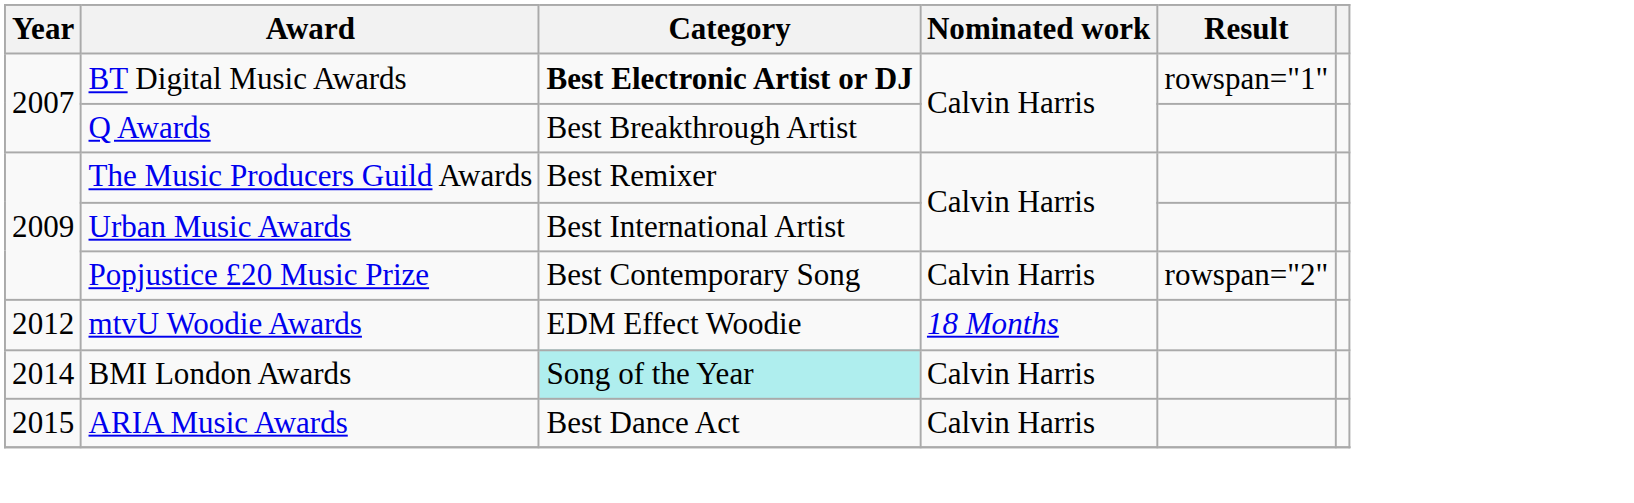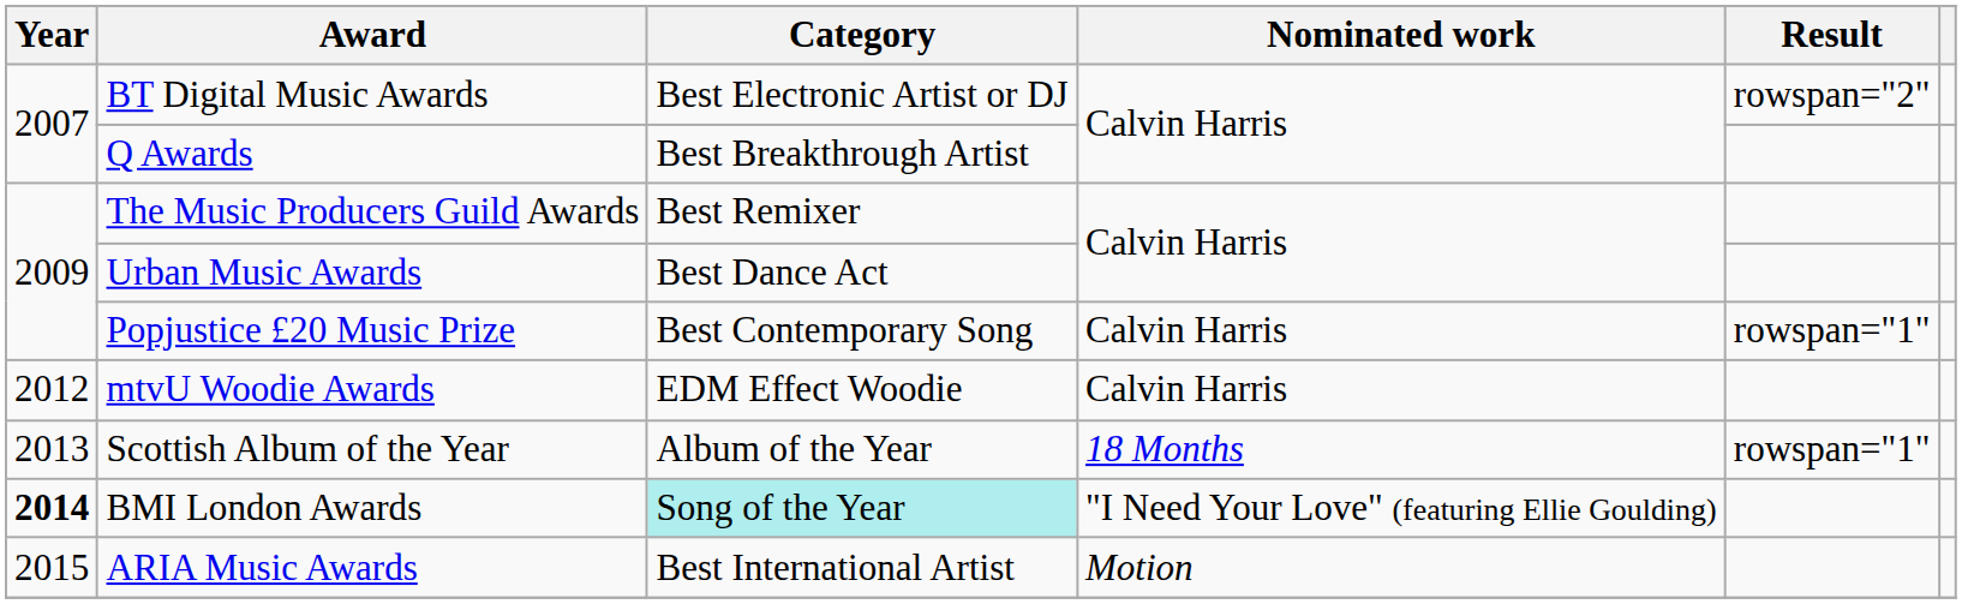 <table class=wikitable>
 <tr>
 <th>Year</th>
 <th>Award</th>
 <th>Category</th>
 <th>Nominated work</th>
 <th>Result</th>
 <th></th>
 </tr>
 <tr>
 <td rowspan="2">2007</td>
 <td><a href='#'>BT</a> Digital Music Awards</td>
-<td><strong>Best Electronic Artist or DJ</strong></td>
+<td>Best Electronic Artist or DJ</td>
 <td rowspan="2">Calvin Harris</td>
-<td>rowspan="1" </td>
+<td>rowspan="2" </td>
 <td></td>
 </tr>
 <tr>
 <td><a href='#'>Q Awards</a></td>
 <td>Best Breakthrough Artist</td>
 <td></td>
 </tr>
 <tr>
 <td rowspan="3">2009</td>
 <td><a href='#'>The Music Producers Guild</a> Awards</td>
 <td>Best Remixer</td>
 <td rowspan="2">Calvin Harris</td>
 <td></td>
 <td></td>
 </tr>
 <tr>
 <td><a href='#'>Urban Music Awards</a></td>
-<td>Best International Artist</td>
+<td>Best Dance Act</td>
 <td></td>
 <td></td>
 </tr>
 <tr>
 <td><a href='#'>Popjustice £20 Music Prize</a></td>
 <td>Best Contemporary Song</td>
 <td>Calvin Harris</td>
-<td>rowspan="2" </td>
+<td>rowspan="1" </td>
 <td></td>
 </tr>
 <tr>
 <td rowspan="1">2012</td>
 <td><a href='#'>mtvU Woodie Awards</a></td>
 <td>EDM Effect Woodie</td>
-<td><em><a href='#'>18 Months</a></em></td>
+<td>Calvin Harris</td>
 <td></td>
 <td></td>
 </tr>
 <tr>
-<td rowspan="1">2014</td>
+<td rowspan="1">2013</td>
+<td>Scottish Album of the Year</td>
+<td>Album of the Year</td>
+<td><em><a href='#'>18 Months</a></em></td>
+<td>rowspan="1" </td>
+<td></td>
+</tr>
+<tr>
+<td rowspan="1"><strong>2014</strong></td>
 <td>BMI London Awards</td>
 <td style="background: paleturquoise;">Song of the Year</td>
-<td>Calvin Harris</td>
+<td>"I Need Your Love" <small>(featuring Ellie Goulding)</small></td>
 <td></td>
 <td></td>
 </tr>
 <tr>
 <td rowspan="1">2015</td>
 <td><a href='#'>ARIA Music Awards</a></td>
-<td>Best Dance Act</td>
-<td>Calvin Harris</td>
+<td>Best International Artist</td>
+<td><em>Motion</em></td>
 <td></td>
 <td></td>
 </tr>
 <tr>
 </tr>
 </table>
